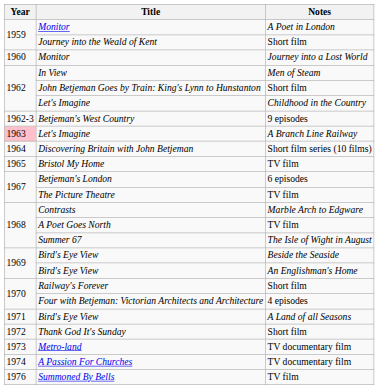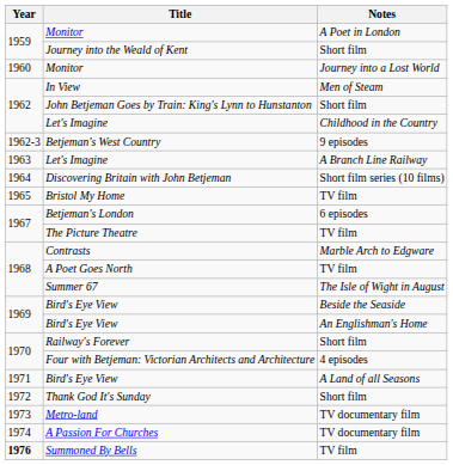 <table class="wikitable">
 <tr>
 <th>Year</th>
 <th>Title</th>
 <th>Notes</th>
 </tr>
 <tr>
 <td rowspan="2">1959</td>
 <td><em><a href='#'>Monitor</a></em></td>
 <td><em>A Poet in London</em></td>
 </tr>
 <tr>
 <td><em>Journey into the Weald of Kent</em></td>
 <td>Short film</td>
 </tr>
 <tr>
 <td>1960</td>
 <td><em>Monitor</em></td>
 <td><em>Journey into a Lost World</em></td>
 </tr>
 <tr>
 <td rowspan="3">1962</td>
 <td><em>In View</em></td>
 <td><em>Men of Steam</em></td>
 </tr>
 <tr>
 <td><em>John Betjeman Goes by Train: King's Lynn to Hunstanton</em></td>
 <td>Short film</td>
 </tr>
 <tr>
 <td><em>Let's Imagine</em></td>
 <td><em>Childhood in the Country</em></td>
 </tr>
 <tr>
 <td>1962-3</td>
 <td><em>Betjeman's West Country</em></td>
 <td>9 episodes</td>
 </tr>
 <tr>
-<td style="background: pink;">1963</td>
+<td>1963</td>
 <td><em>Let's Imagine</em></td>
 <td><em>A Branch Line Railway</em></td>
 </tr>
 <tr>
 <td>1964</td>
 <td><em>Discovering Britain with John Betjeman</em></td>
 <td>Short film series (10 films)</td>
 </tr>
 <tr>
 <td>1965</td>
 <td><em>Bristol My Home</em></td>
 <td>TV film</td>
 </tr>
 <tr>
 <td rowspan="2">1967</td>
 <td><em>Betjeman's London</em></td>
 <td>6 episodes</td>
 </tr>
 <tr>
 <td><em>The Picture Theatre</em></td>
 <td>TV film</td>
 </tr>
 <tr>
 <td rowspan="3">1968</td>
 <td><em>Contrasts</em></td>
 <td><em>Marble Arch to Edgware</em></td>
 </tr>
 <tr>
 <td><em>A Poet Goes North</em></td>
 <td>TV film</td>
 </tr>
 <tr>
 <td><em>Summer 67</em></td>
 <td><em>The Isle of Wight in August</em></td>
 </tr>
 <tr>
 <td rowspan="2">1969</td>
 <td><em>Bird's Eye View</em></td>
 <td><em>Beside the Seaside</em></td>
 </tr>
 <tr>
 <td><em>Bird's Eye View</em></td>
 <td><em>An Englishman's Home</em></td>
 </tr>
 <tr>
 <td rowspan="2">1970</td>
 <td><em>Railway's Forever</em></td>
 <td>Short film</td>
 </tr>
 <tr>
 <td><em>Four with Betjeman: Victorian Architects and Architecture</em></td>
 <td>4 episodes</td>
 </tr>
 <tr>
 <td>1971</td>
 <td><em>Bird's Eye View</em></td>
 <td><em>A Land of all Seasons</em></td>
 </tr>
 <tr>
 <td>1972</td>
 <td><em>Thank God It's Sunday</em></td>
 <td>Short film</td>
 </tr>
 <tr>
 <td>1973</td>
 <td><em><a href='#'>Metro-land</a></em></td>
 <td>TV documentary film</td>
 </tr>
 <tr>
 <td>1974</td>
 <td><em><a href='#'>A Passion For Churches</a></em></td>
 <td>TV documentary film</td>
 </tr>
 <tr>
-<td>1976</td>
+<td><strong>1976</strong></td>
 <td><em><a href='#'>Summoned By Bells</a></em></td>
 <td>TV film</td>
 </tr>
 </table>
